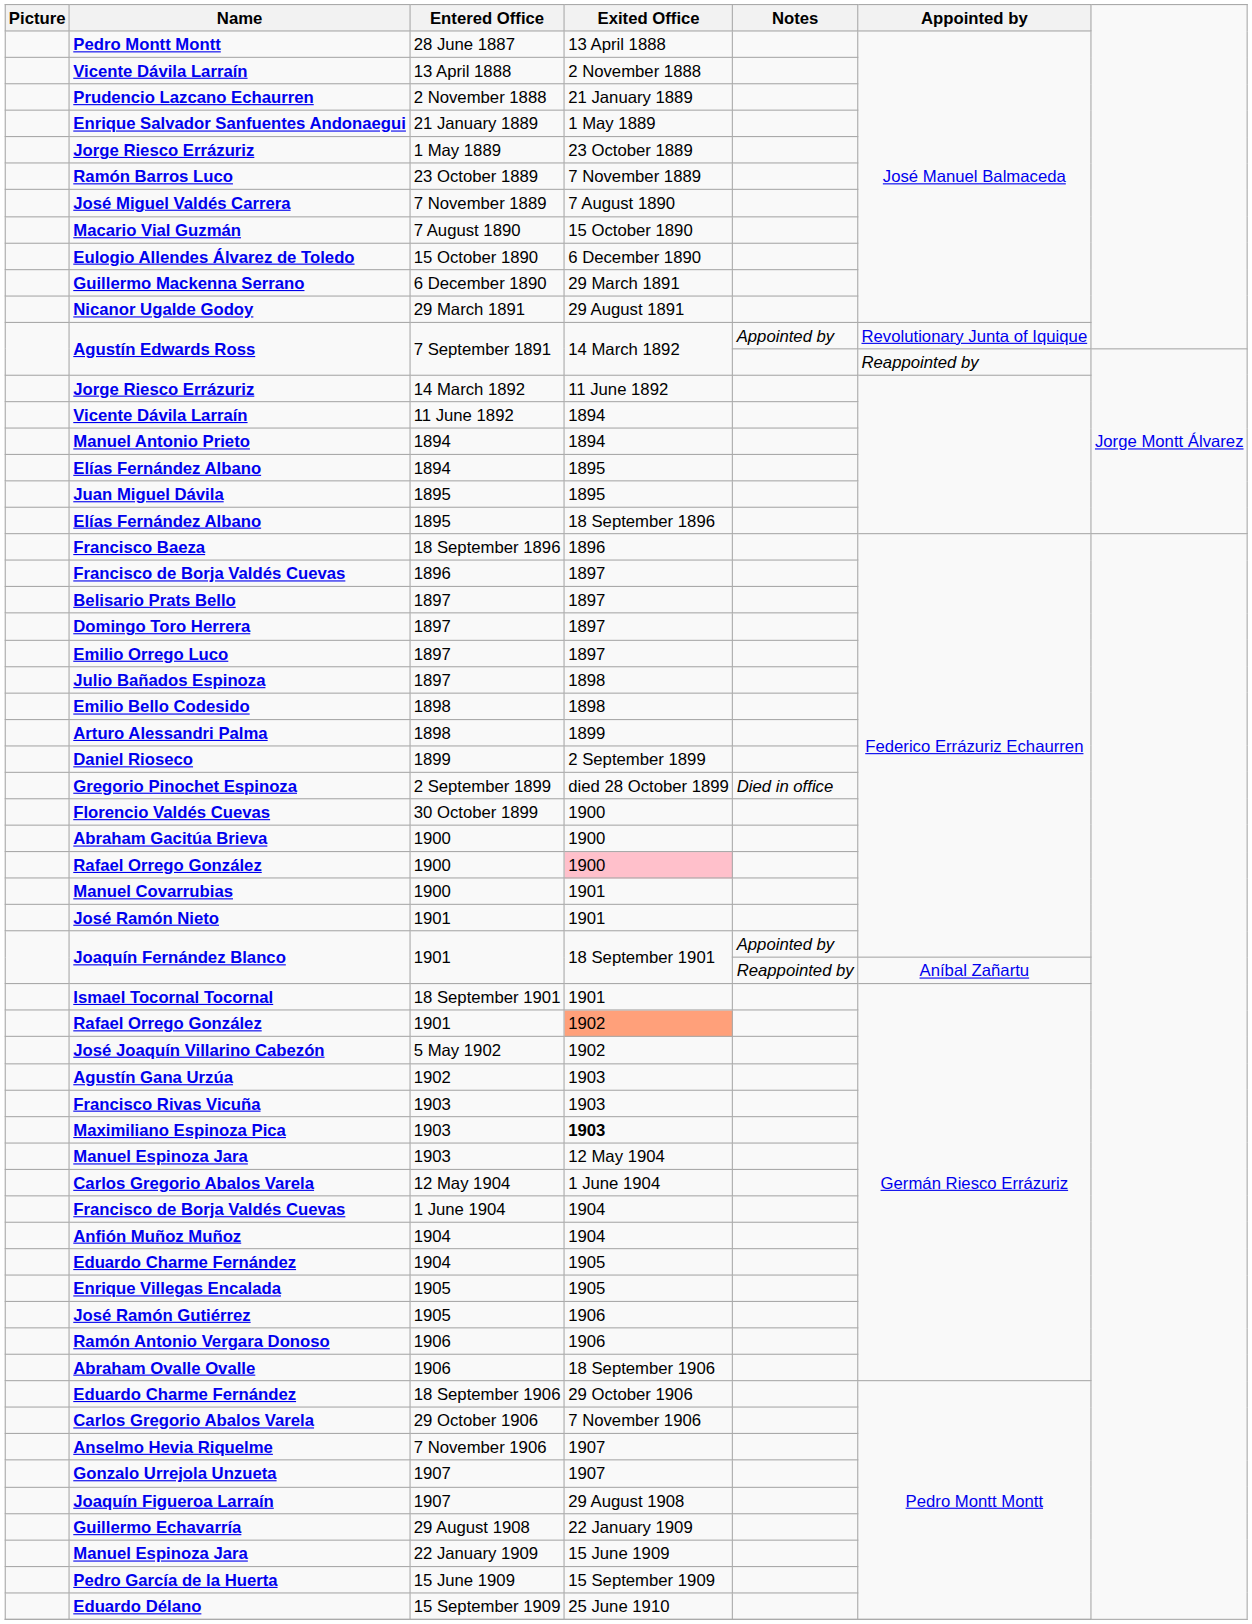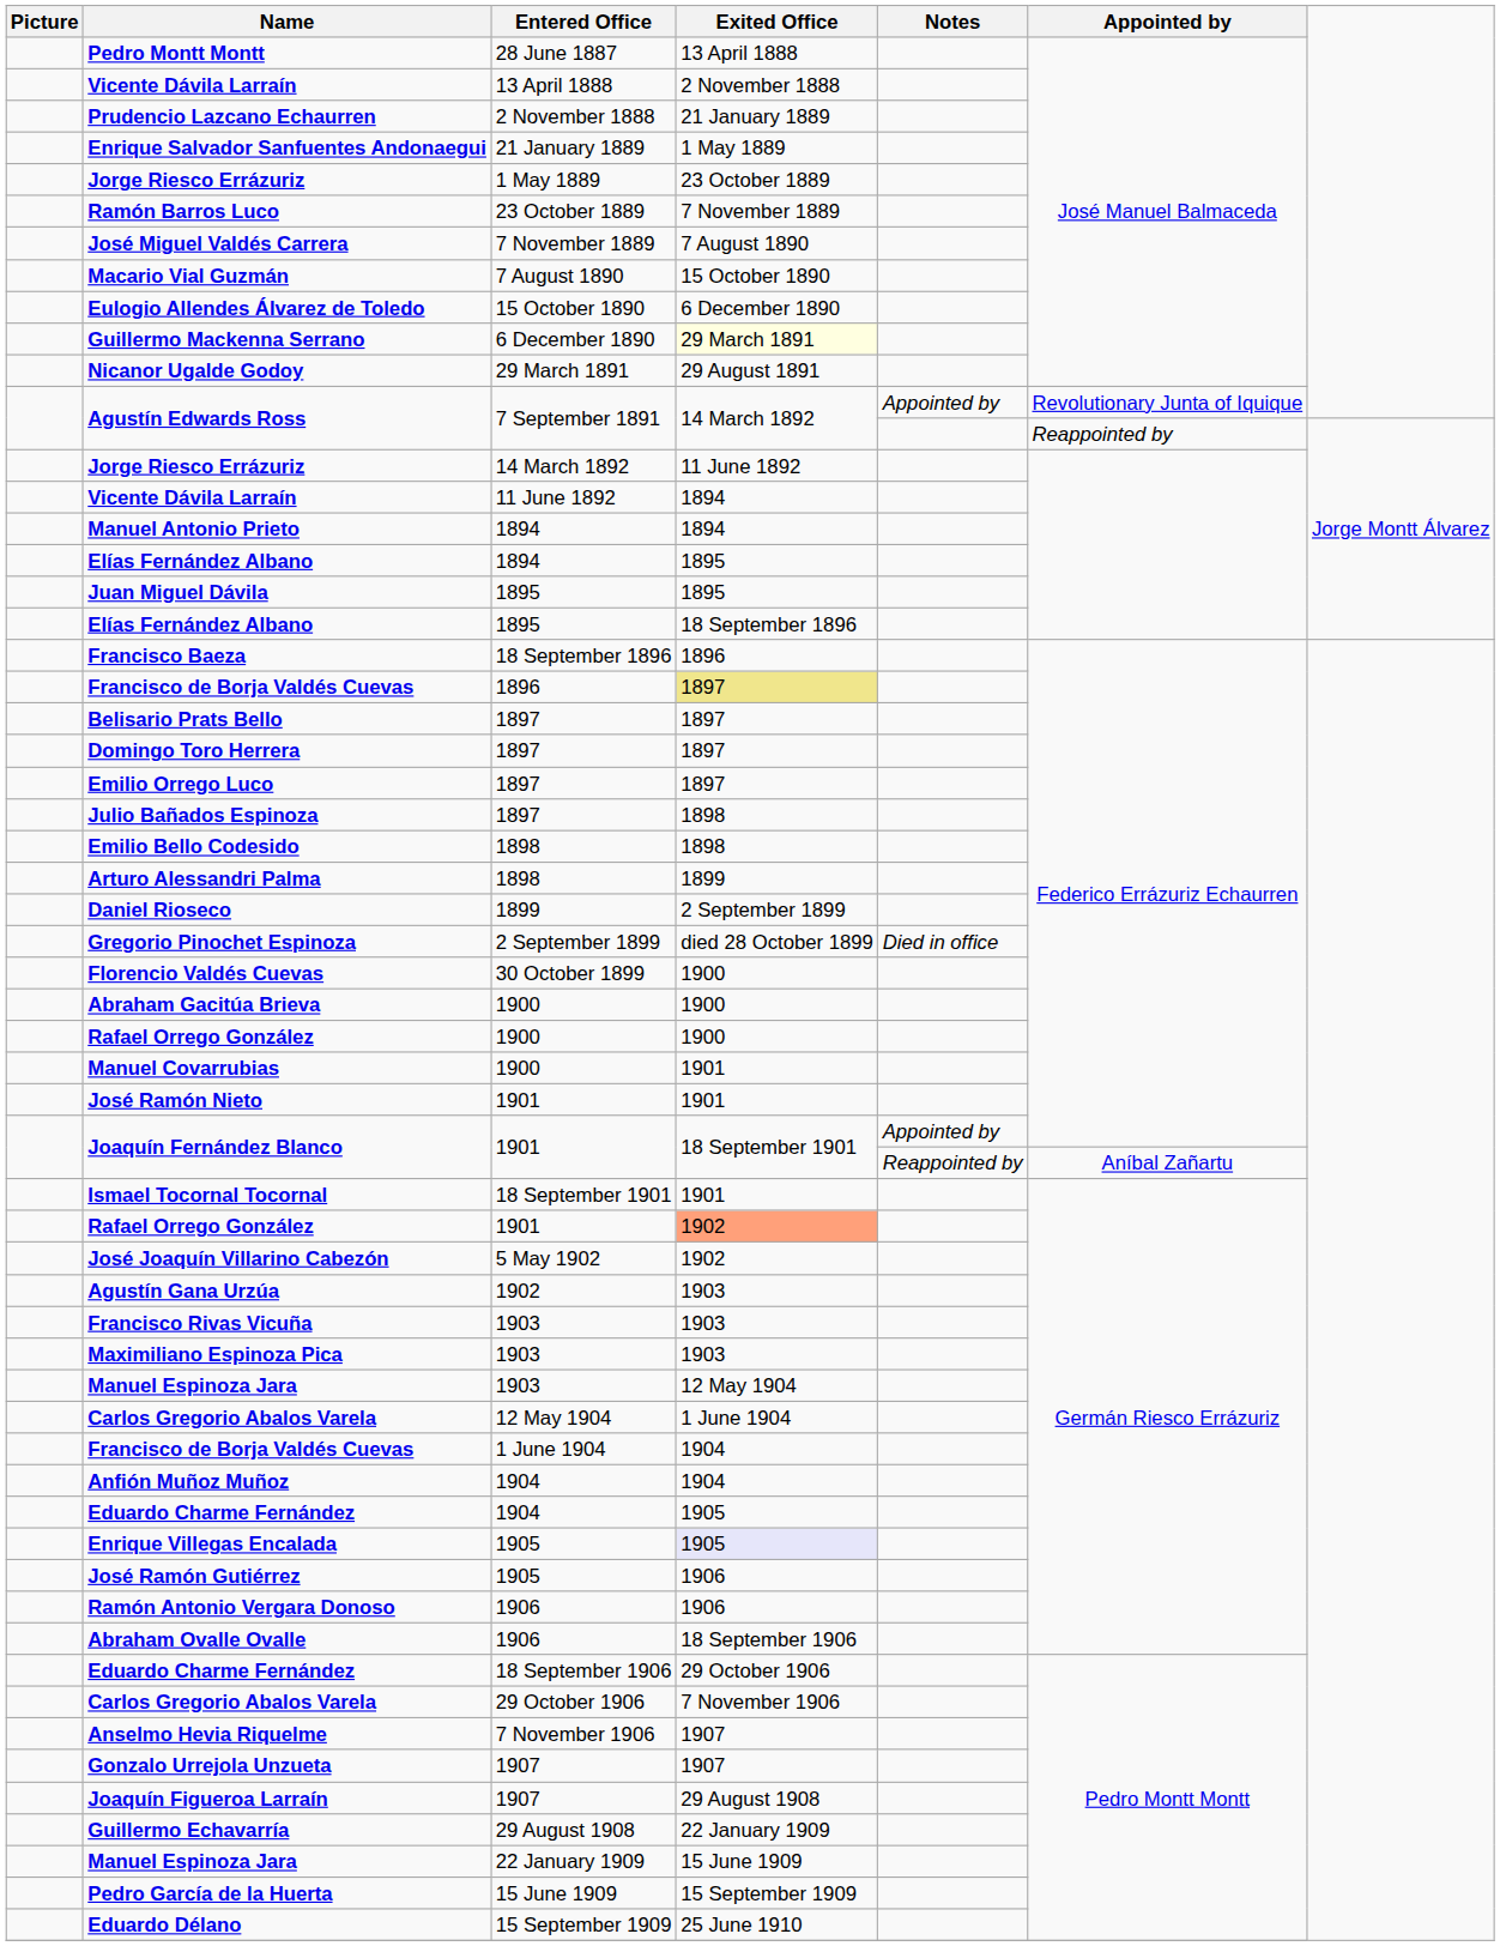 <table class="wikitable" style="margin:1em auto; font-size:95%;">
 <tr>
 <th>Picture</th>
 <th>Name</th>
 <th>Entered Office</th>
 <th>Exited Office</th>
 <th>Notes</th>
 <th>Appointed by</th>
 </tr>
 <tr>
 <td></td>
 <td><strong><a href='#'>Pedro Montt Montt</a></strong></td>
 <td>28 June 1887</td>
 <td>13 April 1888</td>
 <td></td>
 <td rowspan=11 align=center><a href='#'>José Manuel Balmaceda</a></td>
 </tr>
 <tr>
 <td></td>
 <td><strong><a href='#'>Vicente Dávila Larraín</a></strong></td>
 <td>13 April 1888</td>
 <td>2 November 1888</td>
 <td></td>
 </tr>
 <tr>
 <td></td>
 <td><strong><a href='#'>Prudencio Lazcano Echaurren</a></strong></td>
 <td>2 November 1888</td>
 <td>21 January 1889</td>
 <td></td>
 </tr>
 <tr>
 <td></td>
 <td><strong><a href='#'>Enrique Salvador Sanfuentes Andonaegui</a></strong></td>
 <td>21 January 1889</td>
 <td>1 May 1889</td>
 <td></td>
 </tr>
 <tr>
 <td></td>
 <td><strong><a href='#'>Jorge Riesco Errázuriz</a></strong></td>
 <td>1 May 1889</td>
 <td>23 October 1889</td>
 <td></td>
 </tr>
 <tr>
 <td></td>
 <td><strong><a href='#'>Ramón Barros Luco</a></strong></td>
 <td>23 October 1889</td>
 <td>7 November 1889</td>
 <td></td>
 </tr>
 <tr>
 <td></td>
 <td><strong><a href='#'>José Miguel Valdés Carrera</a></strong></td>
 <td>7 November 1889</td>
 <td>7 August 1890</td>
 <td></td>
 </tr>
 <tr>
 <td></td>
 <td><strong><a href='#'>Macario Vial Guzmán</a></strong></td>
 <td>7 August 1890</td>
 <td>15 October 1890</td>
 <td></td>
 </tr>
 <tr>
 <td></td>
 <td><strong> <a href='#'>Eulogio Allendes Álvarez de Toledo</a></strong></td>
 <td>15 October 1890</td>
 <td>6 December 1890</td>
 <td></td>
 </tr>
 <tr>
 <td></td>
 <td><strong><a href='#'>Guillermo Mackenna Serrano</a></strong></td>
 <td>6 December 1890</td>
-<td>29 March 1891</td>
+<td style="background: lightyellow;">29 March 1891</td>
 <td></td>
 </tr>
 <tr>
 <td></td>
 <td><strong><a href='#'>Nicanor Ugalde Godoy</a></strong></td>
 <td>29 March 1891</td>
 <td>29 August 1891</td>
 <td></td>
 </tr>
 <tr>
 <td rowspan=2 align=left></td>
 <td rowspan=2 align=left><strong><a href='#'>Agustín Edwards Ross</a></strong></td>
 <td rowspan=2 align=left>7 September 1891</td>
 <td rowspan=2 align=left>14 March 1892</td>
 <td><em>Appointed by</em></td>
 <td align=center><a href='#'>Revolutionary Junta of Iquique</a></td>
 </tr>
 <tr>
 <td></td>
 <td><em>Reappointed by</em></td>
 <td rowspan=7 align=center><a href='#'>Jorge Montt Álvarez</a></td>
 </tr>
 <tr>
 <td></td>
 <td><strong><a href='#'>Jorge Riesco Errázuriz</a></strong></td>
 <td>14 March 1892</td>
 <td>11 June 1892</td>
 <td></td>
 </tr>
 <tr>
 <td></td>
 <td><strong><a href='#'>Vicente Dávila Larraín</a></strong></td>
 <td>11 June 1892</td>
 <td>1894</td>
 <td></td>
 </tr>
 <tr>
 <td></td>
 <td><strong><a href='#'>Manuel Antonio Prieto</a></strong></td>
 <td>1894</td>
 <td>1894</td>
 <td></td>
 </tr>
 <tr>
 <td></td>
 <td><strong><a href='#'>Elías Fernández Albano</a></strong></td>
 <td>1894</td>
 <td>1895</td>
 <td></td>
 </tr>
 <tr>
 <td></td>
 <td><strong><a href='#'>Juan Miguel Dávila</a></strong></td>
 <td>1895</td>
 <td>1895</td>
 <td></td>
 </tr>
 <tr>
 <td></td>
 <td><strong><a href='#'>Elías Fernández Albano</a></strong></td>
 <td>1895</td>
 <td>18 September 1896</td>
 <td></td>
 </tr>
 <tr>
 <td></td>
 <td><strong><a href='#'>Francisco Baeza</a></strong></td>
 <td>18 September 1896</td>
 <td>1896</td>
 <td></td>
 <td rowspan=16 align=center><a href='#'>Federico Errázuriz Echaurren</a></td>
 </tr>
 <tr>
 <td></td>
 <td><strong><a href='#'>Francisco de Borja Valdés Cuevas</a></strong></td>
 <td>1896</td>
-<td>1897</td>
+<td style="background: khaki;">1897</td>
 <td></td>
 </tr>
 <tr>
 <td></td>
 <td><strong><a href='#'>Belisario Prats Bello</a></strong></td>
 <td>1897</td>
 <td>1897</td>
 <td></td>
 </tr>
 <tr>
 <td></td>
 <td><strong><a href='#'>Domingo Toro Herrera</a></strong></td>
 <td>1897</td>
 <td>1897</td>
 <td></td>
 </tr>
 <tr>
 <td></td>
 <td><strong><a href='#'>Emilio Orrego Luco</a></strong></td>
 <td>1897</td>
 <td>1897</td>
 <td></td>
 </tr>
 <tr>
 <td></td>
 <td><strong><a href='#'>Julio Bañados Espinoza</a></strong></td>
 <td>1897</td>
 <td>1898</td>
 <td></td>
 </tr>
 <tr>
 <td></td>
 <td><strong><a href='#'>Emilio Bello Codesido</a></strong></td>
 <td>1898</td>
 <td>1898</td>
 <td></td>
 </tr>
 <tr>
 <td></td>
 <td><strong><a href='#'>Arturo Alessandri Palma</a></strong></td>
 <td>1898</td>
 <td>1899</td>
 <td></td>
 </tr>
 <tr>
 <td></td>
 <td><strong><a href='#'>Daniel Rioseco</a></strong></td>
 <td>1899</td>
 <td>2 September 1899</td>
 <td></td>
 </tr>
 <tr>
 <td></td>
 <td><strong><a href='#'>Gregorio Pinochet Espinoza</a></strong></td>
 <td>2 September 1899</td>
 <td>died 28 October 1899</td>
 <td><em>Died in office</em></td>
 </tr>
 <tr>
 <td></td>
 <td><strong><a href='#'>Florencio Valdés Cuevas</a></strong></td>
 <td>30 October 1899</td>
 <td>1900</td>
 <td></td>
 </tr>
 <tr>
 <td></td>
 <td><strong><a href='#'>Abraham Gacitúa Brieva</a></strong></td>
 <td>1900</td>
 <td>1900</td>
 <td></td>
 </tr>
 <tr>
 <td></td>
 <td><strong><a href='#'>Rafael Orrego González</a></strong></td>
 <td>1900</td>
-<td style="background: pink;">1900</td>
+<td>1900</td>
 <td></td>
 </tr>
 <tr>
 <td></td>
 <td><strong><a href='#'>Manuel Covarrubias</a></strong></td>
 <td>1900</td>
 <td>1901</td>
 <td></td>
 </tr>
 <tr>
 <td></td>
 <td><strong><a href='#'>José Ramón Nieto</a></strong></td>
 <td>1901</td>
 <td>1901</td>
 <td></td>
 </tr>
 <tr>
 <td rowspan=2 align=left></td>
 <td rowspan=2 align=left><strong><a href='#'>Joaquín Fernández Blanco</a></strong></td>
 <td rowspan=2 align=left>1901</td>
 <td rowspan=2 align=left>18 September 1901</td>
 <td><em>Appointed by</em></td>
 </tr>
 <tr>
 <td><em>Reappointed by</em></td>
 <td align=center><a href='#'>Aníbal Zañartu</a></td>
 </tr>
 <tr>
 <td></td>
 <td><strong><a href='#'>Ismael Tocornal Tocornal</a></strong></td>
 <td>18 September 1901</td>
 <td>1901</td>
 <td></td>
 <td rowspan=15 align=center><a href='#'>Germán Riesco Errázuriz</a></td>
 </tr>
 <tr>
 <td></td>
 <td><strong><a href='#'>Rafael Orrego González</a></strong></td>
 <td>1901</td>
 <td style="background: lightsalmon;">1902</td>
 <td></td>
 </tr>
 <tr>
 <td></td>
 <td><strong><a href='#'>José Joaquín Villarino Cabezón</a></strong></td>
 <td>5 May 1902</td>
 <td>1902</td>
 <td></td>
 </tr>
 <tr>
 <td></td>
 <td><strong><a href='#'>Agustín Gana Urzúa</a></strong></td>
 <td>1902</td>
 <td>1903</td>
 <td></td>
 </tr>
 <tr>
 <td></td>
 <td><strong><a href='#'>Francisco Rivas Vicuña</a></strong></td>
 <td>1903</td>
 <td>1903</td>
 <td></td>
 </tr>
 <tr>
 <td></td>
 <td><strong><a href='#'>Maximiliano Espinoza Pica</a></strong></td>
 <td>1903</td>
-<td><strong>1903</strong></td>
+<td>1903</td>
 <td></td>
 </tr>
 <tr>
 <td></td>
 <td><strong><a href='#'>Manuel Espinoza Jara</a></strong></td>
 <td>1903</td>
 <td>12 May 1904</td>
 <td></td>
 </tr>
 <tr>
 <td></td>
 <td><strong><a href='#'>Carlos Gregorio Abalos Varela</a></strong></td>
 <td>12 May 1904</td>
 <td>1 June 1904</td>
 <td></td>
 </tr>
 <tr>
 <td></td>
 <td><strong><a href='#'>Francisco de Borja Valdés Cuevas</a></strong></td>
 <td>1 June 1904</td>
 <td>1904</td>
 <td></td>
 </tr>
 <tr>
 <td></td>
 <td><strong><a href='#'>Anfión Muñoz Muñoz</a></strong></td>
 <td>1904</td>
 <td>1904</td>
 <td></td>
 </tr>
 <tr>
 <td></td>
 <td><strong><a href='#'>Eduardo Charme Fernández</a></strong></td>
 <td>1904</td>
 <td>1905</td>
 <td></td>
 </tr>
 <tr>
 <td></td>
 <td><strong><a href='#'>Enrique Villegas Encalada</a></strong></td>
 <td>1905</td>
-<td>1905</td>
+<td style="background: lavender;">1905</td>
 <td></td>
 </tr>
 <tr>
 <td></td>
 <td><strong><a href='#'>José Ramón Gutiérrez</a></strong></td>
 <td>1905</td>
 <td>1906</td>
 <td></td>
 </tr>
 <tr>
 <td></td>
 <td><strong><a href='#'>Ramón Antonio Vergara Donoso</a></strong></td>
 <td>1906</td>
 <td>1906</td>
 <td></td>
 </tr>
 <tr>
 <td></td>
 <td><strong><a href='#'>Abraham Ovalle Ovalle</a></strong></td>
 <td>1906</td>
 <td>18 September 1906</td>
 <td></td>
 </tr>
 <tr>
 <td></td>
 <td><strong><a href='#'>Eduardo Charme Fernández</a></strong></td>
 <td>18 September 1906</td>
 <td>29 October 1906</td>
 <td></td>
 <td rowspan=9 align=center><a href='#'>Pedro Montt Montt</a></td>
 </tr>
 <tr>
 <td></td>
 <td><strong><a href='#'>Carlos Gregorio Abalos Varela</a></strong></td>
 <td>29 October 1906</td>
 <td>7 November 1906</td>
 <td></td>
 </tr>
 <tr>
 <td></td>
 <td><strong><a href='#'>Anselmo Hevia Riquelme</a></strong></td>
 <td>7 November 1906</td>
 <td>1907</td>
 <td></td>
 </tr>
 <tr>
 <td></td>
 <td><strong><a href='#'>Gonzalo Urrejola Unzueta</a></strong></td>
 <td>1907</td>
 <td>1907</td>
 <td></td>
 </tr>
 <tr>
 <td></td>
 <td><strong><a href='#'>Joaquín Figueroa Larraín</a></strong></td>
 <td>1907</td>
 <td>29 August 1908</td>
 <td></td>
 </tr>
 <tr>
 <td></td>
 <td><strong><a href='#'>Guillermo Echavarría</a></strong></td>
 <td>29 August 1908</td>
 <td>22 January 1909</td>
 <td></td>
 </tr>
 <tr>
 <td></td>
 <td><strong><a href='#'>Manuel Espinoza Jara</a></strong></td>
 <td>22 January 1909</td>
 <td>15 June 1909</td>
 <td></td>
 </tr>
 <tr>
 <td></td>
 <td><strong><a href='#'>Pedro García de la Huerta</a></strong></td>
 <td>15 June 1909</td>
 <td>15 September 1909</td>
 <td></td>
 </tr>
 <tr>
 <td></td>
 <td><strong><a href='#'>Eduardo Délano</a></strong></td>
 <td>15 September 1909</td>
 <td>25 June 1910</td>
 <td></td>
 </tr>
 <tr>
 </tr>
 </table>
